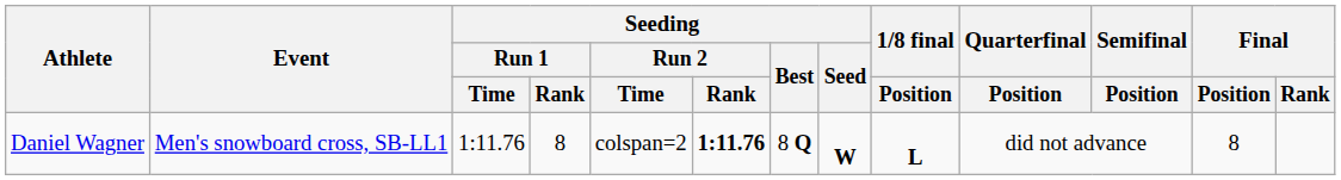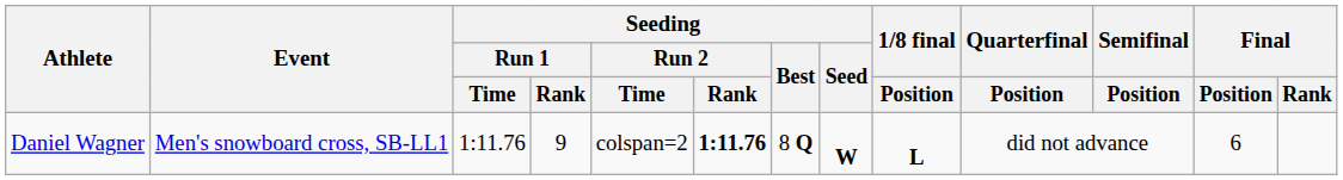 <table class=wikitable style=font-size:90%;text-align:center>
 <tr>
 <th rowspan=3>Athlete</th>
 <th rowspan=3>Event</th>
 <th colspan=6>Seeding</th>
 <th rowspan=2>1/8 final</th>
 <th rowspan=2>Quarterfinal</th>
 <th rowspan=2>Semifinal</th>
 <th colspan=2 rowspan=2>Final</th>
 </tr>
 <tr style=font-size:95%>
 <th colspan=2>Run 1</th>
 <th colspan=2>Run 2</th>
 <th rowspan=2>Best</th>
 <th rowspan=2>Seed</th>
 </tr>
 <tr style=font-size:95%>
 <th>Time</th>
 <th>Rank</th>
 <th>Time</th>
 <th>Rank</th>
 <th>Position</th>
 <th>Position</th>
 <th>Position</th>
 <th>Position</th>
 <th>Rank</th>
 </tr>
 <tr>
 <td align=left><a href='#'>Daniel Wagner</a></td>
 <td align=left rowspan=3><a href='#'>Men's snowboard cross, SB-LL1</a></td>
 <td>1:11.76</td>
-<td>8</td>
+<td>9</td>
 <td>colspan=2</td>
 <td><strong>1:11.76</strong></td>
 <td>8 <strong>Q</strong></td>
 <td><br><strong>W</strong></td>
 <td><br><strong>L</strong></td>
 <td colspan=2>did not advance</td>
-<td>8</td>
+<td>6</td>
 </tr>
 </table>
